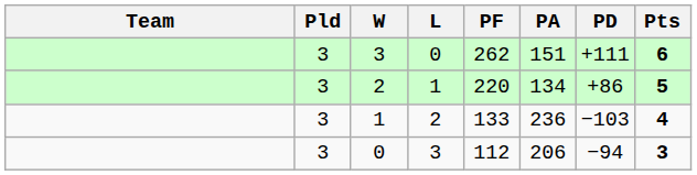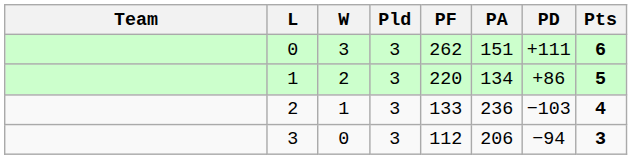 <table class=wikitable style="text-align:center">
 <tr>
 <th width=180>Team</th>
+<th width=30>L</th>
+<th width=30>W</th>
 <th width=30>Pld</th>
-<th width=30>W</th>
-<th width=30>L</th>
 <th width=30>PF</th>
 <th width=30>PA</th>
 <th width=30>PD</th>
 <th width=30>Pts</th>
 </tr>
 <tr align=center bgcolor="#ccffcc">
 <td align=left></td>
+<td>0</td>
 <td>3</td>
 <td>3</td>
-<td>0</td>
 <td>262</td>
 <td>151</td>
 <td>+111</td>
 <td><strong>6</strong></td>
 </tr>
 <tr align=center bgcolor="#ccffcc">
 <td align=left></td>
+<td>1</td>
+<td>2</td>
 <td>3</td>
-<td>2</td>
-<td>1</td>
 <td>220</td>
 <td>134</td>
 <td>+86</td>
 <td><strong>5</strong></td>
 </tr>
 <tr align=center>
 <td align=left></td>
+<td>2</td>
+<td>1</td>
 <td>3</td>
-<td>1</td>
-<td>2</td>
 <td>133</td>
 <td>236</td>
 <td>−103</td>
 <td><strong>4</strong></td>
 </tr>
 <tr align=center>
 <td align=left></td>
 <td>3</td>
 <td>0</td>
 <td>3</td>
 <td>112</td>
 <td>206</td>
 <td>−94</td>
 <td><strong>3</strong></td>
 </tr>
 </table>
